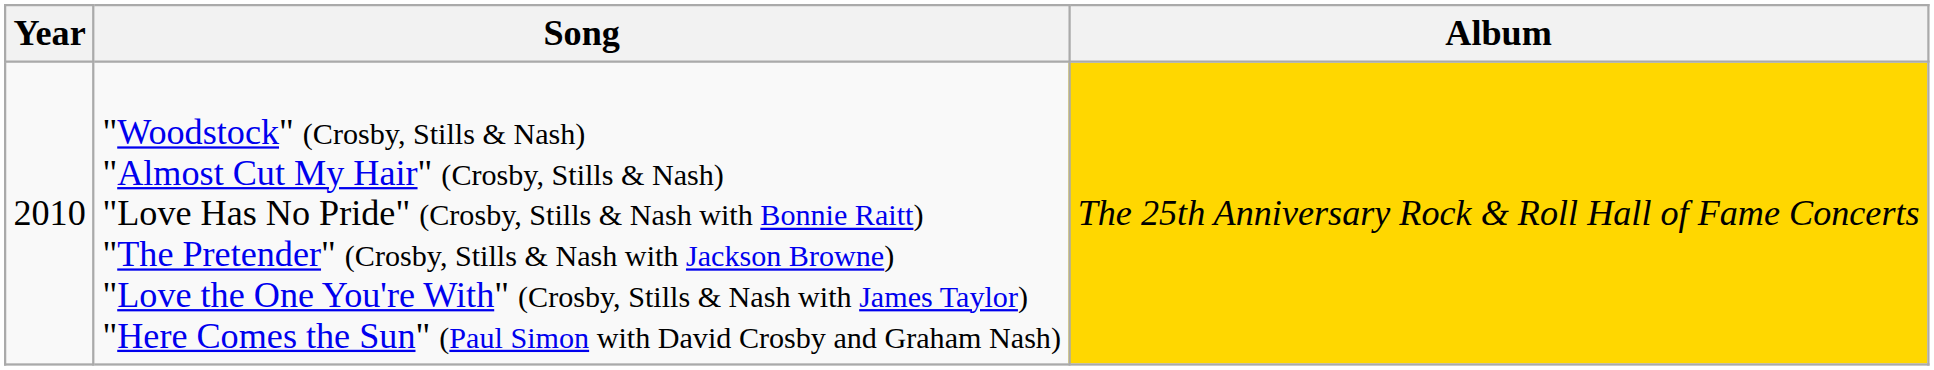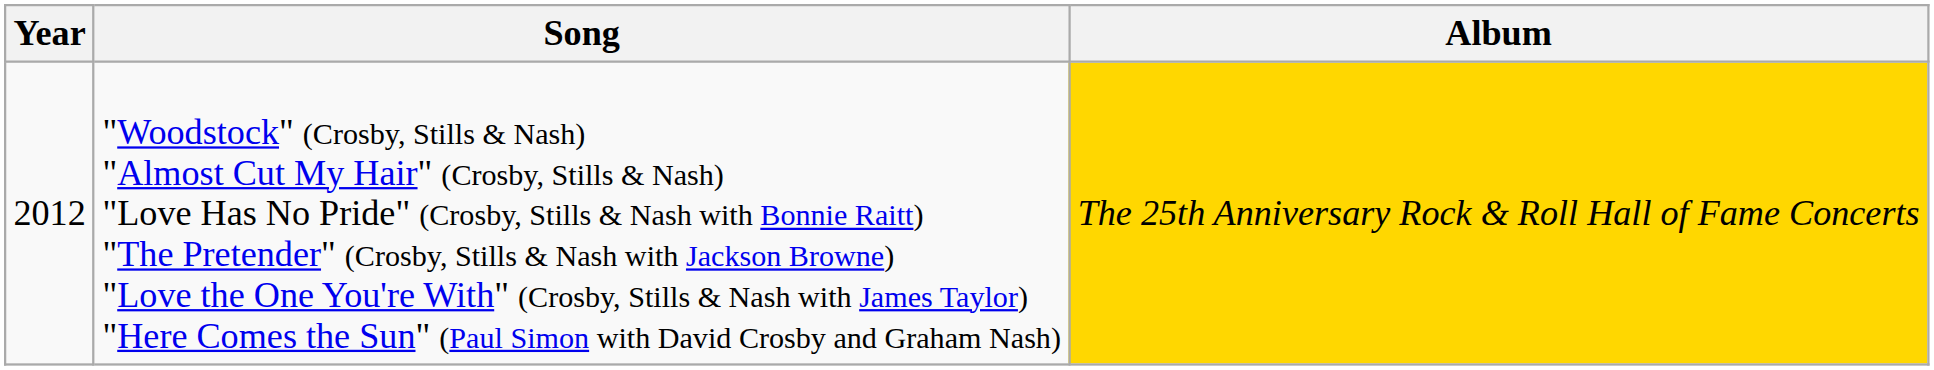 <table class="wikitable">
 <tr>
 <th>Year</th>
 <th>Song</th>
 <th>Album</th>
 </tr>
 <tr>
-<td>2010</td>
+<td>2012</td>
 <td><br>"<a href='#'>Woodstock</a>" <small>(Crosby, Stills & Nash)</small><br> "<a href='#'>Almost Cut My Hair</a>" <small>(Crosby, Stills & Nash)</small><br> "Love Has No Pride" <small>(Crosby, Stills & Nash with <a href='#'>Bonnie Raitt</a>)</small><br> "<a href='#'>The Pretender</a>" <small>(Crosby, Stills & Nash with <a href='#'>Jackson Browne</a>)</small><br> "<a href='#'>Love the One You're With</a>" <small>(Crosby, Stills & Nash with <a href='#'>James Taylor</a>)</small><br> "<a href='#'>Here Comes the Sun</a>" <small>(<a href='#'>Paul Simon</a> with David Crosby and Graham Nash)</small></td>
 <td style="background: gold;"><em>The 25th Anniversary Rock & Roll Hall of Fame Concerts</em></td>
 </tr>
 </table>
